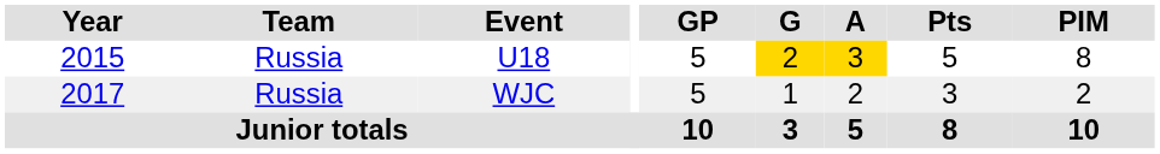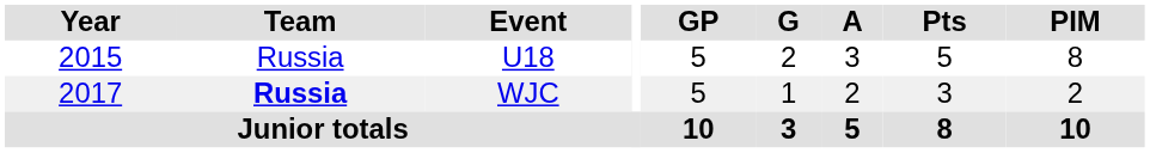 <table border="0" cellpadding="1" cellspacing="0" ID="Table3" style="text-align:center; width:40em">
 <tr bgcolor="#e0e0e0">
 <th>Year</th>
 <th>Team</th>
 <th>Event</th>
 <th rowspan="102" bgcolor="#ffffff"></th>
 <th>GP</th>
 <th>G</th>
 <th>A</th>
 <th>Pts</th>
 <th>PIM</th>
 </tr>
 <tr>
 <td><a href='#'>2015</a></td>
 <td><a href='#'>Russia</a></td>
 <td><a href='#'>U18</a></td>
 <td>5</td>
-<td style="background: gold;">2</td>
-<td style="background: gold;">3</td>
+<td>2</td>
+<td>3</td>
 <td>5</td>
 <td>8</td>
 </tr>
 <tr bgcolor="#f0f0f0">
 <td><a href='#'>2017</a></td>
-<td><a href='#'>Russia</a></td>
+<td><strong><a href='#'>Russia</a></strong></td>
 <td><a href='#'>WJC</a></td>
 <td>5</td>
 <td>1</td>
 <td>2</td>
 <td>3</td>
 <td>2</td>
 </tr>
 <tr bgcolor="#e0e0e0">
 <th colspan="4">Junior totals</th>
 <th>10</th>
 <th>3</th>
 <th>5</th>
 <th>8</th>
 <th>10</th>
 </tr>
 </table>
